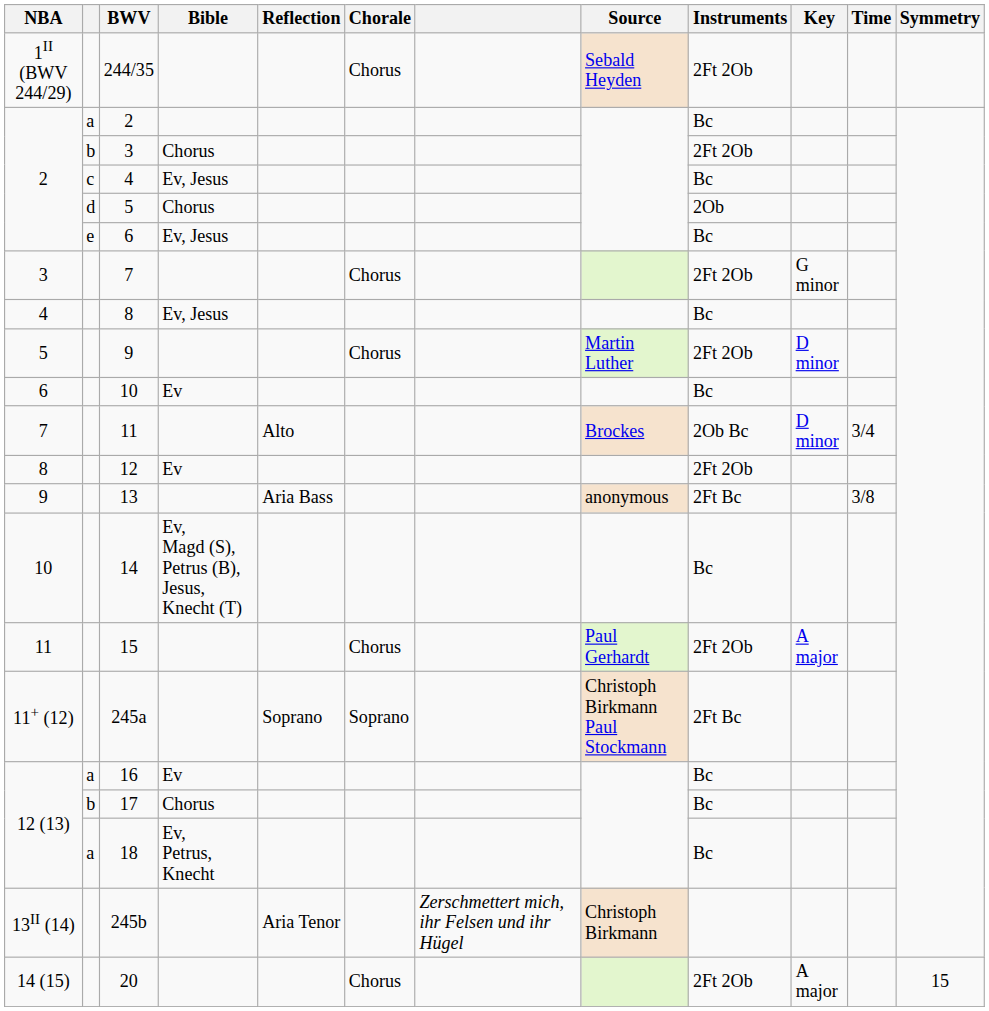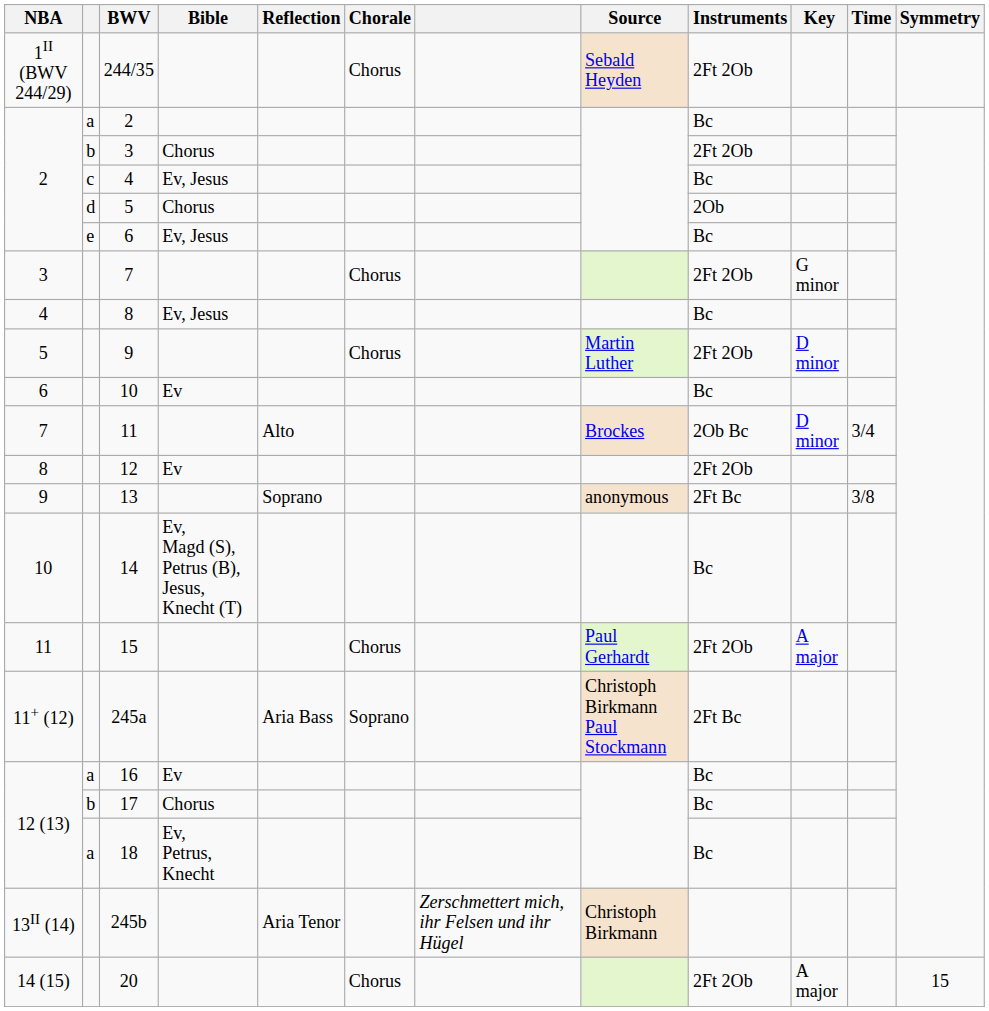 <table class="wikitable">
 <tr>
 <th scope="col">NBA</th>
 <th scope="col"></th>
 <th scope="col">BWV</th>
 <th scope="col">Bible</th>
 <th scope="col">Reflection</th>
 <th scope="col">Chorale</th>
 <th scope="col"></th>
 <th scope="col">Source</th>
 <th scope="col">Instruments</th>
 <th scope="col">Key</th>
 <th scope="col">Time</th>
 <th scope="col">Symmetry</th>
 </tr>
 <tr id="1">
 <td style="text-align:center">1<sup>II</sup> <br> (BWV 244/29)</td>
 <td></td>
 <td style="text-align:center">244/35</td>
 <td></td>
 <td></td>
 <td>Chorus</td>
 <td><em></em></td>
 <td style="background: #F6E3CE;"><a href='#'>Sebald Heyden</a></td>
 <td>2Ft 2Ob </td>
 <td></td>
 <td></td>
 <td style="text-align:center"></td>
 </tr>
 <tr id="2">
 <td rowspan="5" style="text-align:center">2</td>
 <td>a</td>
 <td style="text-align:center">2</td>
 <td></td>
 <td></td>
 <td></td>
 <td><em></em></td>
 <td rowspan="5"></td>
 <td>Bc</td>
 <td></td>
 <td></td>
 </tr>
 <tr>
 <td>b</td>
 <td style="text-align:center">3</td>
 <td>Chorus</td>
 <td></td>
 <td></td>
 <td><em></em></td>
 <td>2Ft 2Ob </td>
 <td></td>
 <td></td>
 </tr>
 <tr>
 <td>c</td>
 <td style="text-align:center">4</td>
 <td>Ev, Jesus</td>
 <td></td>
 <td></td>
 <td><em></em></td>
 <td>Bc</td>
 <td></td>
 <td></td>
 </tr>
 <tr>
 <td>d</td>
 <td style="text-align:center">5</td>
 <td>Chorus</td>
 <td></td>
 <td></td>
 <td><em></em></td>
 <td>2Ob </td>
 <td></td>
 <td></td>
 </tr>
 <tr>
 <td>e</td>
 <td style="text-align:center">6</td>
 <td>Ev, Jesus</td>
 <td></td>
 <td></td>
 <td><em></em></td>
 <td>Bc</td>
 <td></td>
 <td></td>
 </tr>
 <tr id="3">
 <td style="text-align:center">3</td>
 <td></td>
 <td style="text-align:center">7</td>
 <td></td>
 <td></td>
 <td>Chorus</td>
 <td><em></em></td>
 <td style="background: #E3F6CE;"></td>
 <td>2Ft 2Ob </td>
 <td>G minor</td>
 <td></td>
 </tr>
 <tr id="4">
 <td style="text-align:center">4</td>
 <td></td>
 <td style="text-align:center">8</td>
 <td>Ev, Jesus</td>
 <td></td>
 <td></td>
 <td><em></em></td>
 <td></td>
 <td>Bc</td>
 <td></td>
 <td></td>
 </tr>
 <tr id="5">
 <td style="text-align:center">5</td>
 <td></td>
 <td style="text-align:center">9</td>
 <td></td>
 <td></td>
 <td>Chorus</td>
 <td><em></em></td>
 <td style="background: #E3F6CE;"><a href='#'>Martin Luther</a></td>
 <td>2Ft 2Ob </td>
 <td><a href='#'>D minor</a></td>
 <td></td>
 </tr>
 <tr id="6">
 <td style="text-align:center">6</td>
 <td></td>
 <td style="text-align:center">10</td>
 <td>Ev</td>
 <td></td>
 <td></td>
 <td><em></em></td>
 <td></td>
 <td>Bc</td>
 <td></td>
 <td></td>
 </tr>
 <tr id="7">
 <td style="text-align:center">7</td>
 <td></td>
 <td style="text-align:center">11</td>
 <td></td>
 <td>Alto</td>
 <td></td>
 <td><em></em></td>
 <td style="background: #F6E3CE;"><a href='#'>Brockes</a></td>
 <td>2Ob Bc</td>
 <td><a href='#'>D minor</a></td>
 <td>3/4</td>
 </tr>
 <tr id="8">
 <td style="text-align:center">8</td>
 <td></td>
 <td style="text-align:center">12</td>
 <td>Ev</td>
 <td></td>
 <td></td>
 <td><em></em></td>
 <td></td>
 <td>2Ft 2Ob </td>
 <td></td>
 <td></td>
 </tr>
 <tr id="9">
 <td style="text-align:center">9</td>
 <td></td>
 <td style="text-align:center">13</td>
 <td></td>
-<td>Aria Bass</td>
+<td>Soprano</td>
 <td></td>
 <td><em></em></td>
 <td style="background: #F6E3CE;">anonymous</td>
 <td>2Ft Bc</td>
 <td></td>
 <td>3/8</td>
 </tr>
 <tr id="10">
 <td style="text-align:center">10</td>
 <td></td>
 <td style="text-align:center">14</td>
 <td>Ev,<br> Magd (S),<br> Petrus (B), Jesus, Knecht (T)</td>
 <td></td>
 <td></td>
 <td><em></em></td>
 <td></td>
 <td>Bc</td>
 <td></td>
 <td></td>
 </tr>
 <tr id="11">
 <td style="text-align:center">11</td>
 <td></td>
 <td style="text-align:center">15</td>
 <td></td>
 <td></td>
 <td>Chorus</td>
 <td><em></em></td>
 <td style="background: #E3F6CE;"><a href='#'>Paul Gerhardt</a></td>
 <td>2Ft 2Ob </td>
 <td><a href='#'>A major</a></td>
 <td></td>
 </tr>
 <tr id="11">
 <td style="text-align:center">11<sup>+</sup> (12)</td>
 <td></td>
 <td style="text-align:center">245a</td>
 <td></td>
-<td>Soprano</td>
+<td>Aria Bass</td>
 <td>Soprano</td>
 <td><em></em></td>
 <td style="background: #F6E3CE;">Christoph Birkmann<br><a href='#'>Paul Stockmann</a></td>
 <td>2Ft Bc</td>
 <td></td>
 <td></td>
 </tr>
 <tr id="12">
 <td rowspan="3" style="text-align:center">12 (13)</td>
 <td>a</td>
 <td style="text-align:center">16</td>
 <td>Ev</td>
 <td></td>
 <td></td>
 <td><em></em></td>
 <td rowspan="3"> </td>
 <td>Bc</td>
 <td></td>
 <td></td>
 </tr>
 <tr>
 <td>b</td>
 <td style="text-align:center">17</td>
 <td>Chorus</td>
 <td></td>
 <td></td>
 <td><em></em></td>
 <td>Bc</td>
 <td></td>
 <td></td>
 </tr>
 <tr>
 <td>a</td>
 <td style="text-align:center">18</td>
 <td>Ev,<br> Petrus,<br> Knecht</td>
 <td></td>
 <td></td>
 <td><em></em></td>
 <td>Bc</td>
 <td></td>
 <td></td>
 </tr>
 <tr id="13">
 <td style="text-align:center">13<sup>II</sup> (14)</td>
 <td></td>
 <td style="text-align:center">245b</td>
 <td></td>
 <td>Aria Tenor</td>
 <td></td>
 <td><em>Zerschmettert mich, ihr Felsen und ihr Hügel</em></td>
 <td style="background: #F6E3CE;">Christoph Birkmann</td>
 <td></td>
 <td></td>
 <td></td>
 </tr>
 <tr id="14">
 <td style="text-align:center">14 (15)</td>
 <td></td>
 <td style="text-align:center">20</td>
 <td></td>
 <td></td>
 <td>Chorus</td>
 <td><em></em></td>
 <td style="background: #E3F6CE;"></td>
 <td>2Ft 2Ob </td>
 <td>A major</td>
 <td></td>
 <td style="text-align:center">15</td>
 </tr>
 <tr>
 </tr>
 </table>
